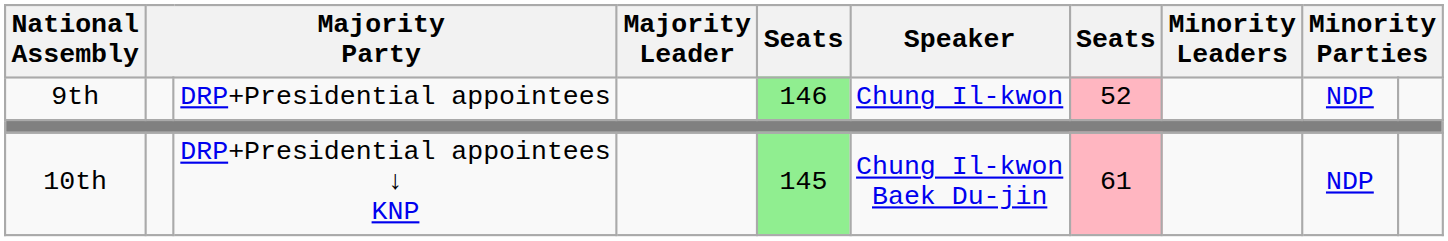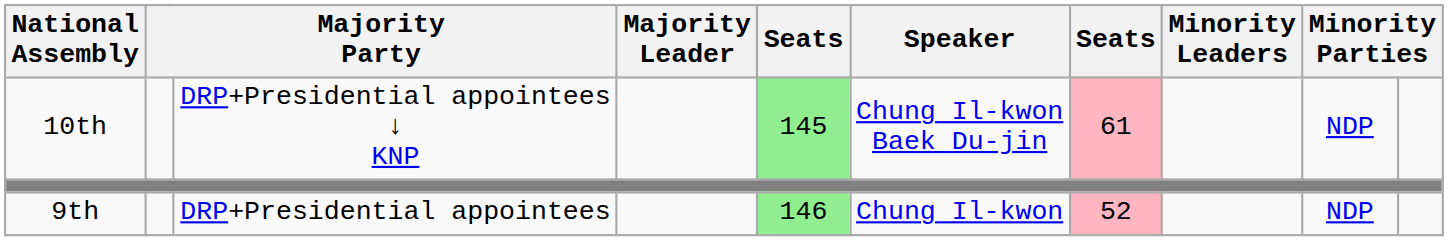 <table class="wikitable" style="font-size:96%; text-align:center;">
 <tr>
 <th>National<br>Assembly</th>
 <th colspan="2">Majority<br>Party</th>
 <th>Majority<br>Leader</th>
 <th>Seats</th>
 <th>Speaker</th>
 <th>Seats</th>
 <th>Minority<br>Leaders</th>
 <th colspan="2">Minority<br>Parties</th>
+</tr>
+<tr>
+<td rowspan="1">10th<br></td>
+<td rowspan="1" style="background: "></td>
+<td rowspan="1"><a href='#'>DRP</a>+Presidential appointees<br>↓<br><a href='#'>KNP</a></td>
+<td rowspan="1"></td>
+<td rowspan="1" style="background:lightgreen;">145</td>
+<td rowspan="1"> <a href='#'>Chung Il-kwon</a> <br> <a href='#'>Baek Du-jin</a> </td>
+<td style="background:lightpink;">61</td>
+<td></td>
+<td><a href='#'>NDP</a></td>
+<td style="background: "></td>
+</tr>
+<tr>
+<td bgcolor="grey" colspan = "10"></td>
 </tr>
 <tr>
 <td rowspan="1">9th<br></td>
 <td rowspan="1" style="background: "> </td>
 <td rowspan="1"><a href='#'>DRP</a>+Presidential appointees</td>
 <td rowspan="1"></td>
 <td rowspan="1" style="background:lightgreen;">146</td>
 <td rowspan="1"><a href='#'>Chung Il-kwon</a> </td>
 <td style="background:lightpink;">52</td>
 <td></td>
 <td><a href='#'>NDP</a></td>
 <td style="background: "> </td>
 </tr>
-<tr>
-<td bgcolor="grey" colspan = "10"></td>
-</tr>
-<tr>
-<td rowspan="1">10th<br></td>
-<td rowspan="1" style="background: "></td>
-<td rowspan="1"><a href='#'>DRP</a>+Presidential appointees<br>↓<br><a href='#'>KNP</a></td>
-<td rowspan="1"></td>
-<td rowspan="1" style="background:lightgreen;">145</td>
-<td rowspan="1"> <a href='#'>Chung Il-kwon</a> <br> <a href='#'>Baek Du-jin</a> </td>
-<td style="background:lightpink;">61</td>
-<td></td>
-<td><a href='#'>NDP</a></td>
-<td style="background: "></td>
-</tr>
 </table>
